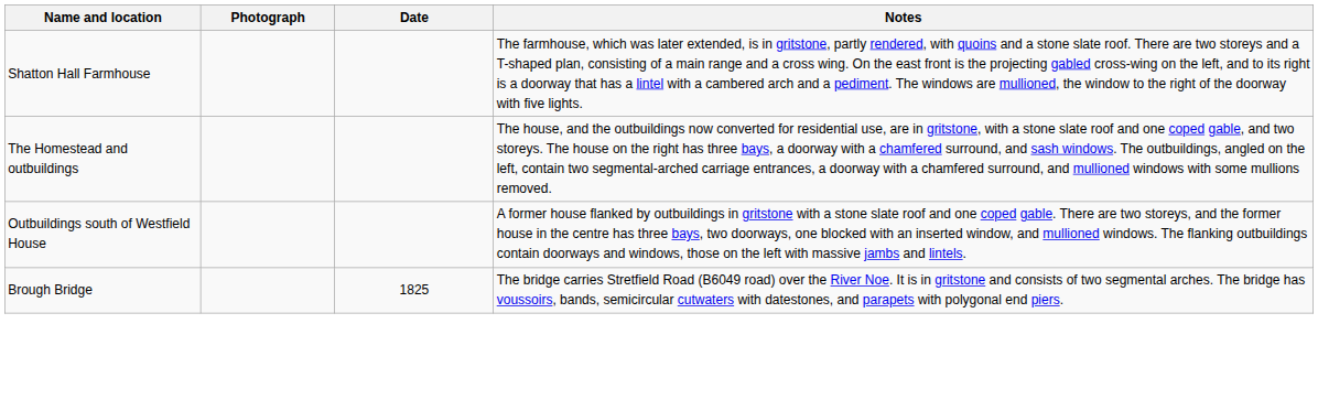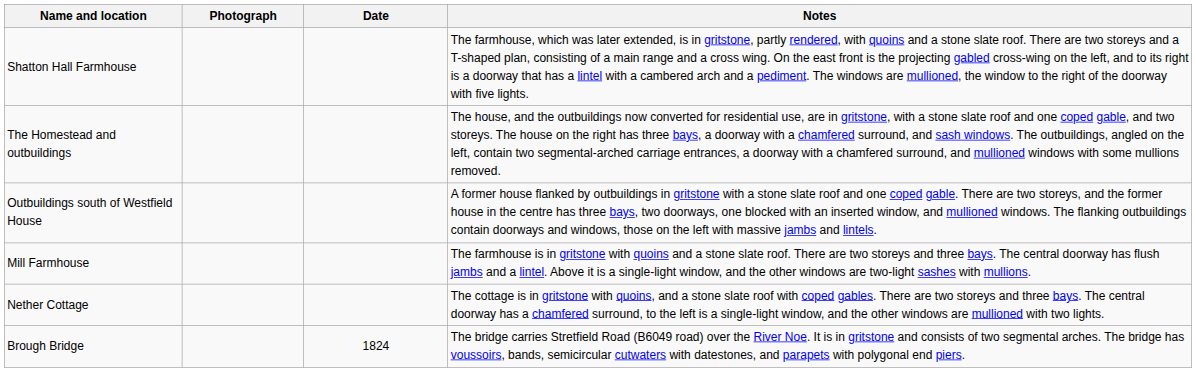 <table class="wikitable sortable plainrowheaders" style="width:100%;border:0px;text-align:left;line-height:150%;">
 <tr>
 <th scope="col"  style="width:150px">Name and location</th>
 <th scope="col"  style="width:100px" class="unsortable">Photograph</th>
 <th scope="col"  style="width:120px">Date</th>
 <th scope="col"  style="width:650px" class="unsortable">Notes</th>
 </tr>
 <tr>
 <td>Shatton Hall Farmhouse<br><small></small></td>
 <td></td>
 <td align="center"></td>
 <td>The farmhouse, which was later extended, is in <a href='#'>gritstone</a>, partly <a href='#'>rendered</a>, with <a href='#'>quoins</a> and a stone slate roof.  There are two storeys and a T-shaped plan, consisting of a main range and a cross wing.  On the east front is the projecting <a href='#'>gabled</a> cross-wing on the left, and to its right is a doorway that has a <a href='#'>lintel</a> with a cambered arch and a <a href='#'>pediment</a>.  The windows are <a href='#'>mullioned</a>, the window to the right of the doorway with five lights.</td>
 </tr>
 <tr>
 <td>The Homestead and outbuildings<br><small></small></td>
 <td></td>
 <td align="center"></td>
 <td>The house, and the outbuildings now converted for residential use, are in <a href='#'>gritstone</a>, with a stone slate roof and one <a href='#'>coped</a> <a href='#'>gable</a>, and two storeys.  The house on the right has three <a href='#'>bays</a>, a doorway with a <a href='#'>chamfered</a> surround, and <a href='#'>sash windows</a>.  The outbuildings, angled on the left, contain two segmental-arched carriage entrances, a doorway with a chamfered surround, and <a href='#'>mullioned</a> windows with some mullions removed.</td>
 </tr>
 <tr>
 <td>Outbuildings south of Westfield House<br><small></small></td>
 <td></td>
 <td align="center"></td>
 <td>A former house flanked by outbuildings in <a href='#'>gritstone</a> with a stone slate roof and one <a href='#'>coped</a> <a href='#'>gable</a>.  There are two storeys, and the former house in the centre has three <a href='#'>bays</a>, two doorways, one blocked with an inserted window, and <a href='#'>mullioned</a> windows.  The flanking outbuildings contain doorways and windows, those on the left with massive <a href='#'>jambs</a> and <a href='#'>lintels</a>.</td>
 </tr>
 <tr>
+<td>Mill Farmhouse<br><small></small></td>
+<td></td>
+<td align="center"></td>
+<td>The farmhouse is in <a href='#'>gritstone</a> with <a href='#'>quoins</a> and a stone slate roof.  There are two storeys and three <a href='#'>bays</a>.  The central doorway has flush <a href='#'>jambs</a> and a <a href='#'>lintel</a>.  Above it is a single-light window, and the other windows are two-light <a href='#'>sashes</a> with <a href='#'>mullions</a>.</td>
+</tr>
+<tr>
+<td>Nether Cottage<br><small></small></td>
+<td></td>
+<td align="center"></td>
+<td>The cottage is in <a href='#'>gritstone</a> with <a href='#'>quoins</a>, and a stone slate roof with <a href='#'>coped</a> <a href='#'>gables</a>.  There are two storeys and three <a href='#'>bays</a>.  The central doorway has a <a href='#'>chamfered</a> surround, to the left is a single-light window, and the other windows are <a href='#'>mullioned</a> with two lights.</td>
+</tr>
+<tr>
 <td>Brough Bridge<br><small></small></td>
 <td></td>
-<td align="center">1825</td>
+<td align="center">1824</td>
 <td>The bridge carries Stretfield Road (B6049 road) over the <a href='#'>River Noe</a>.  It is in <a href='#'>gritstone</a> and consists of two segmental arches.  The bridge has <a href='#'>voussoirs</a>, bands, semicircular <a href='#'>cutwaters</a> with datestones, and <a href='#'>parapets</a> with polygonal end <a href='#'>piers</a>.</td>
 </tr>
 <tr>
 </tr>
 </table>
